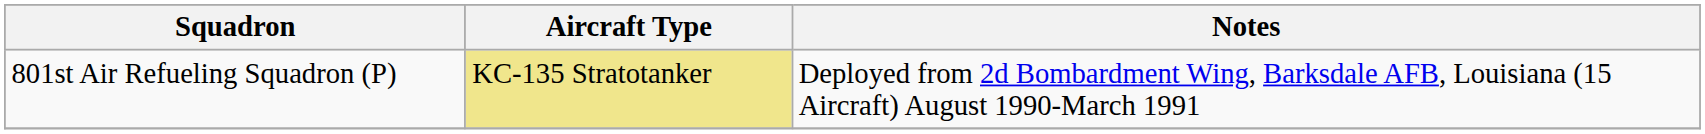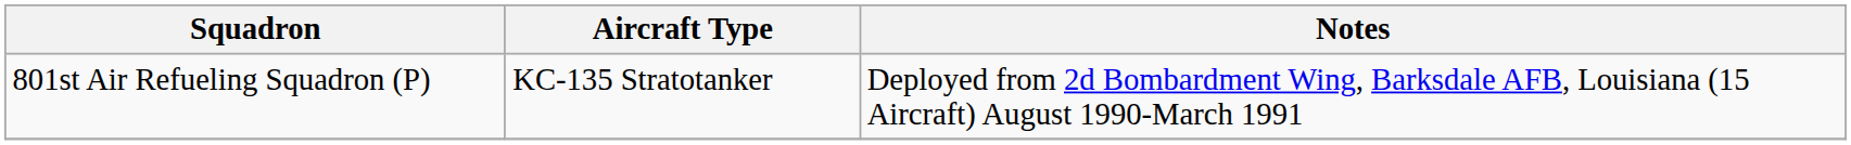 <table class="wikitable">
 <tr>
 <th scope="col" width="250">Squadron</th>
 <th scope="col" width="175">Aircraft Type</th>
 <th scope="col" width="500">Notes</th>
 </tr>
 <tr valign="top">
 <td>801st Air Refueling Squadron (P)</td>
-<td style="background: khaki;">KC-135 Stratotanker</td>
+<td>KC-135 Stratotanker</td>
 <td>Deployed from <a href='#'>2d Bombardment Wing</a>, <a href='#'>Barksdale AFB</a>, Louisiana (15 Aircraft) August 1990-March 1991</td>
 </tr>
 <tr>
 </tr>
 </table>
